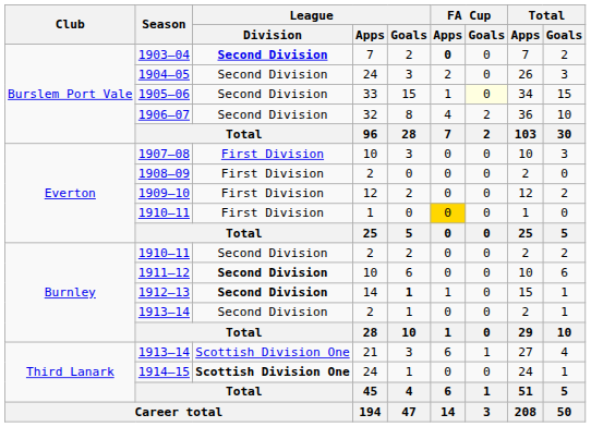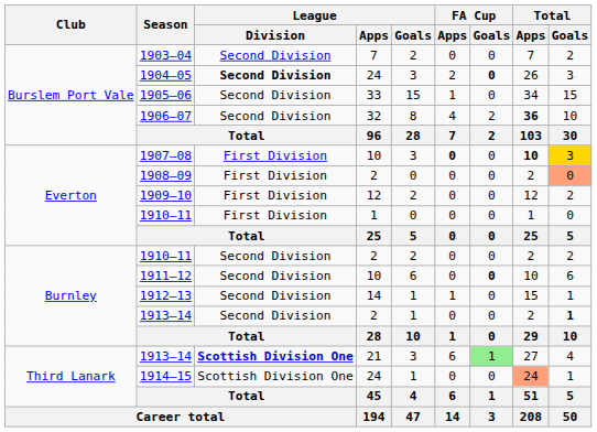 <table class="wikitable" style="text-align: center;">
 <tr>
 <th rowspan="2">Club</th>
 <th rowspan="2">Season</th>
 <th colspan="3">League</th>
 <th colspan="2">FA Cup</th>
 <th colspan="2">Total</th>
 </tr>
 <tr>
 <th>Division</th>
 <th>Apps</th>
 <th>Goals</th>
 <th>Apps</th>
 <th>Goals</th>
 <th>Apps</th>
 <th>Goals</th>
 </tr>
 <tr>
 <td rowspan="5"><a href='#'>Burslem Port Vale</a></td>
 <td><a href='#'>1903–04</a></td>
-<td><strong><a href='#'>Second Division</a></strong></td>
+<td><a href='#'>Second Division</a></td>
 <td>7</td>
 <td>2</td>
-<td><strong>0</strong></td>
+<td>0</td>
 <td>0</td>
 <td>7</td>
 <td>2</td>
 </tr>
 <tr>
 <td><a href='#'>1904–05</a></td>
-<td>Second Division</td>
+<td><strong>Second Division</strong></td>
 <td>24</td>
 <td>3</td>
 <td>2</td>
-<td>0</td>
+<td><strong>0</strong></td>
 <td>26</td>
 <td>3</td>
 </tr>
 <tr>
 <td><a href='#'>1905–06</a></td>
 <td>Second Division</td>
 <td>33</td>
 <td>15</td>
 <td>1</td>
-<td style="background: lightyellow;">0</td>
+<td>0</td>
 <td>34</td>
 <td>15</td>
 </tr>
 <tr>
 <td><a href='#'>1906–07</a></td>
 <td>Second Division</td>
 <td>32</td>
 <td>8</td>
 <td>4</td>
 <td>2</td>
-<td>36</td>
+<td><strong>36</strong></td>
 <td>10</td>
 </tr>
 <tr>
 <th colspan="2">Total</th>
 <th>96</th>
 <th>28</th>
 <th>7</th>
 <th>2</th>
 <th>103</th>
 <th>30</th>
 </tr>
 <tr>
 <td rowspan="5"><a href='#'>Everton</a></td>
 <td><a href='#'>1907–08</a></td>
 <td><a href='#'>First Division</a></td>
 <td>10</td>
 <td>3</td>
+<td><strong>0</strong></td>
 <td>0</td>
-<td>0</td>
-<td>10</td>
-<td>3</td>
+<td><strong>10</strong></td>
+<td style="background: gold;">3</td>
 </tr>
 <tr>
 <td><a href='#'>1908–09</a></td>
 <td>First Division</td>
 <td>2</td>
 <td>0</td>
 <td>0</td>
 <td>0</td>
 <td>2</td>
-<td>0</td>
+<td style="background: lightsalmon;">0</td>
 </tr>
 <tr>
 <td><a href='#'>1909–10</a></td>
 <td>First Division</td>
 <td>12</td>
 <td>2</td>
 <td>0</td>
 <td>0</td>
 <td>12</td>
 <td>2</td>
 </tr>
 <tr>
 <td><a href='#'>1910–11</a></td>
 <td>First Division</td>
 <td>1</td>
 <td>0</td>
-<td style="background: gold;">0</td>
+<td>0</td>
 <td>0</td>
 <td>1</td>
 <td>0</td>
 </tr>
 <tr>
 <th colspan="2">Total</th>
 <th>25</th>
 <th>5</th>
 <th>0</th>
 <th>0</th>
 <th>25</th>
 <th>5</th>
 </tr>
 <tr>
 <td rowspan="5"><a href='#'>Burnley</a></td>
 <td><a href='#'>1910–11</a></td>
 <td>Second Division</td>
 <td>2</td>
 <td>2</td>
 <td>0</td>
 <td>0</td>
 <td>2</td>
 <td>2</td>
 </tr>
 <tr>
 <td><a href='#'>1911–12</a></td>
-<td><strong>Second Division</strong></td>
+<td>Second Division</td>
 <td>10</td>
 <td>6</td>
 <td>0</td>
-<td>0</td>
+<td><strong>0</strong></td>
 <td>10</td>
 <td>6</td>
 </tr>
 <tr>
 <td><a href='#'>1912–13</a></td>
-<td><strong>Second Division</strong></td>
+<td>Second Division</td>
 <td>14</td>
-<td><strong>1</strong></td>
+<td>1</td>
 <td>1</td>
 <td>0</td>
 <td>15</td>
 <td>1</td>
 </tr>
 <tr>
 <td><a href='#'>1913–14</a></td>
 <td>Second Division</td>
 <td>2</td>
 <td>1</td>
 <td>0</td>
 <td>0</td>
 <td>2</td>
-<td>1</td>
+<td><strong>1</strong></td>
 </tr>
 <tr>
 <th colspan="2">Total</th>
 <th>28</th>
 <th>10</th>
 <th>1</th>
 <th>0</th>
 <th>29</th>
 <th>10</th>
 </tr>
 <tr>
 <td rowspan="3"><a href='#'>Third Lanark</a></td>
 <td><a href='#'>1913–14</a></td>
-<td><a href='#'>Scottish Division One</a></td>
+<td><strong><a href='#'>Scottish Division One</a></strong></td>
 <td>21</td>
 <td>3</td>
 <td>6</td>
-<td>1</td>
+<td style="background: lightgreen;">1</td>
 <td>27</td>
 <td>4</td>
 </tr>
 <tr>
 <td><a href='#'>1914–15</a></td>
-<td><strong>Scottish Division One</strong></td>
+<td>Scottish Division One</td>
 <td>24</td>
 <td>1</td>
 <td>0</td>
 <td>0</td>
-<td>24</td>
+<td style="background: lightsalmon;">24</td>
 <td>1</td>
 </tr>
 <tr>
 <th colspan="2">Total</th>
 <th>45</th>
 <th>4</th>
 <th>6</th>
 <th>1</th>
 <th>51</th>
 <th>5</th>
 </tr>
 <tr>
 <th colspan="3">Career total</th>
 <th>194</th>
 <th>47</th>
 <th>14</th>
 <th>3</th>
 <th>208</th>
 <th>50</th>
 </tr>
 </table>
